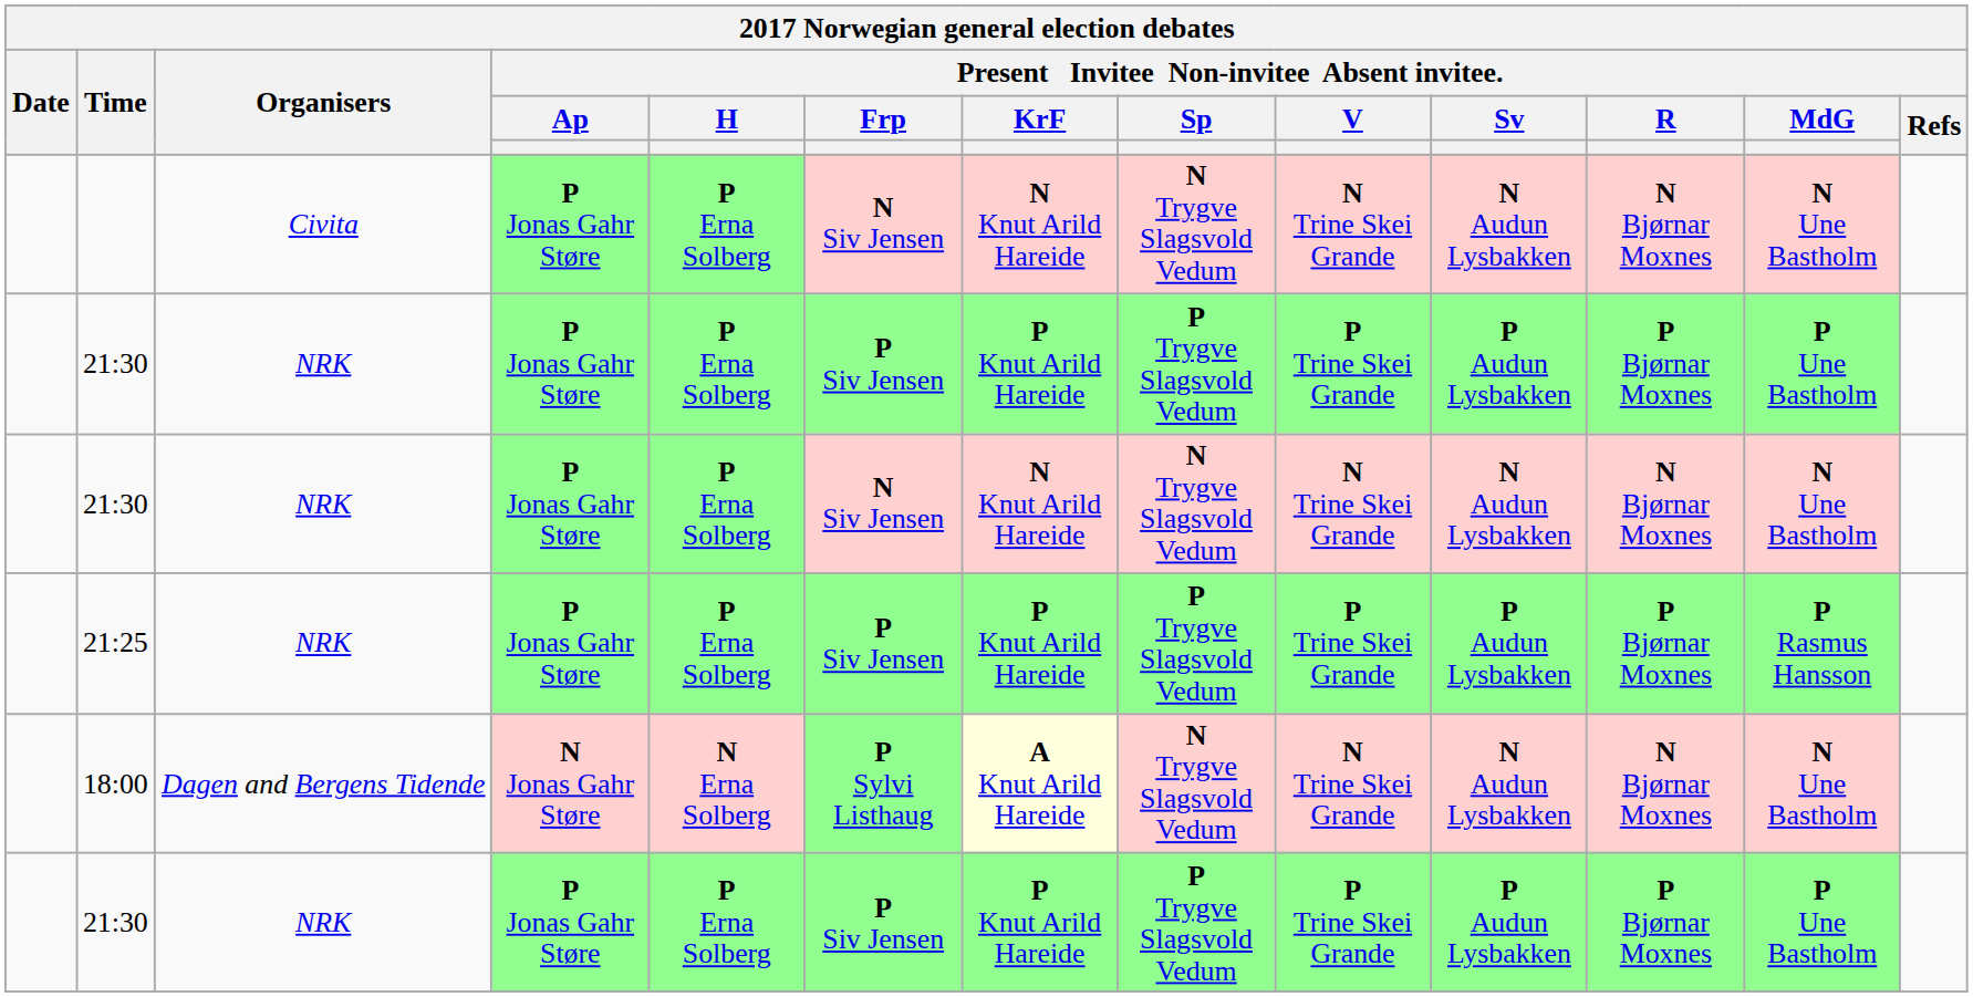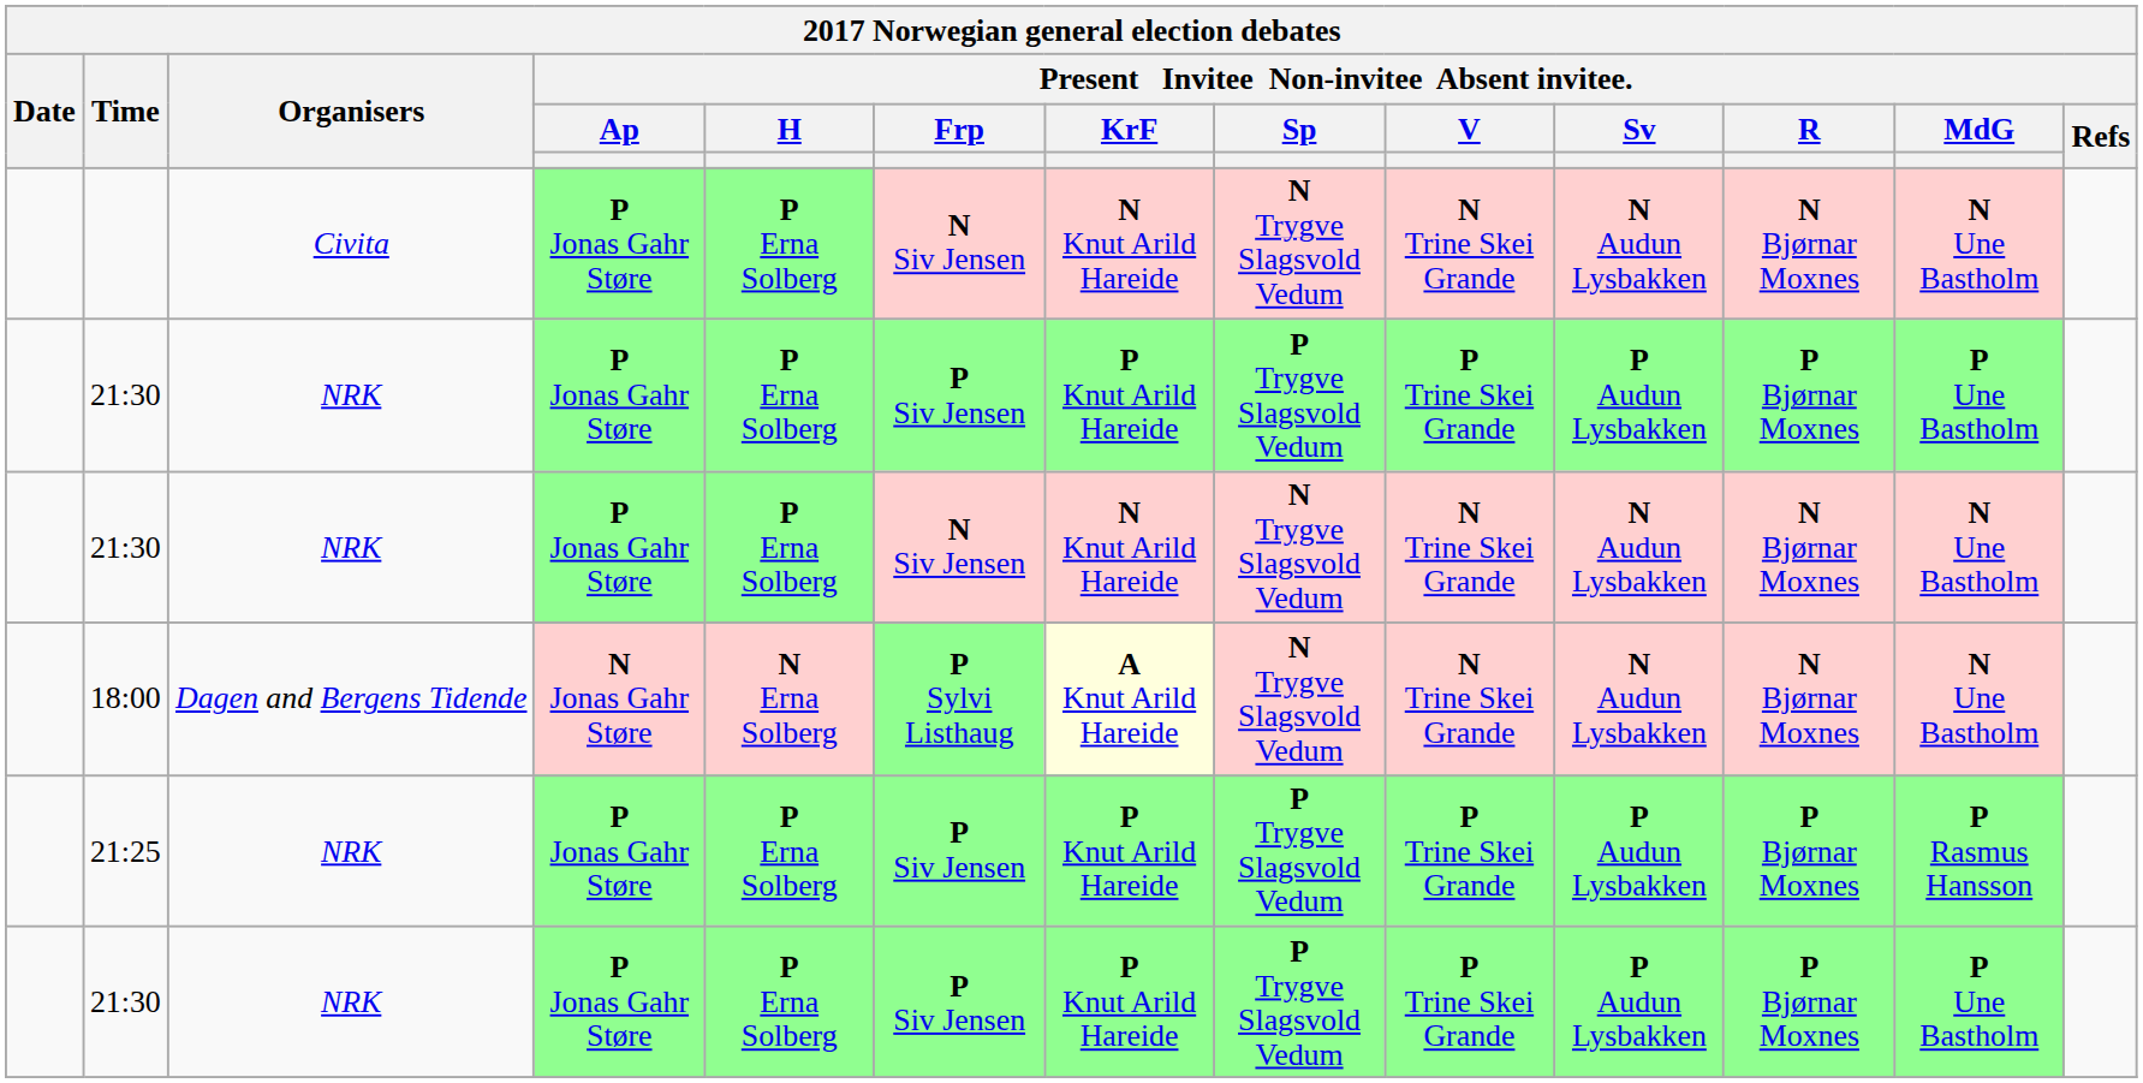 <table class="wikitable" style="font-size:85%; line-height:15px; text-align:center;">
 <tr>
 <th colspan="13">2017 Norwegian general election debates</th>
 </tr>
 <tr>
 <th rowspan="3">Date</th>
 <th rowspan="3">Time</th>
 <th rowspan="3">Organisers</th>
 <th colspan="10"> Present    Invitee  Non-invitee   Absent invitee.</th>
 </tr>
 <tr>
 <th scope="col" style="width:5em;"><a href='#'>Ap</a></th>
 <th scope="col" style="width:5em;"><a href='#'>H</a></th>
 <th scope="col" style="width:5em;"><a href='#'>Frp</a></th>
 <th scope="col" style="width:5em;"><a href='#'>KrF</a></th>
 <th scope="col" style="width:5em;"><a href='#'>Sp</a></th>
 <th scope="col" style="width:5em;"><a href='#'>V</a></th>
 <th scope="col" style="width:5em;"><a href='#'>Sv</a></th>
 <th scope="col" style="width:5em;"><a href='#'>R</a></th>
 <th scope="col" style="width:5em;"><a href='#'>MdG</a></th>
 <th rowspan="2">Refs</th>
 </tr>
 <tr>
 <th style="background:"></th>
 <th style="background:"></th>
 <th style="background:"></th>
 <th style="background:"></th>
 <th style="background:"></th>
 <th style="background:"></th>
 <th style="background:"></th>
 <th style="background:"></th>
 <th style="background:"></th>
 </tr>
 <tr>
 <td></td>
 <td></td>
 <td><em><a href='#'>Civita</a></em></td>
 <td style="background:#90FF90"><strong>P</strong><br><a href='#'>Jonas Gahr Støre</a></td>
 <td style="background:#90FF90"><strong>P</strong><br><a href='#'>Erna Solberg</a></td>
 <td style="background:#FFD0D0"><strong>N</strong><br><a href='#'>Siv Jensen</a></td>
 <td style="background:#FFD0D0"><strong>N</strong><br><a href='#'>Knut Arild Hareide</a></td>
 <td style="background:#FFD0D0"><strong>N</strong><br><a href='#'>Trygve Slagsvold Vedum</a></td>
 <td style="background:#FFD0D0"><strong>N</strong><br><a href='#'>Trine Skei Grande</a></td>
 <td style="background:#FFD0D0"><strong>N</strong><br><a href='#'>Audun Lysbakken</a></td>
 <td style="background:#FFD0D0"><strong>N</strong><br><a href='#'>Bjørnar Moxnes</a></td>
 <td style="background:#FFD0D0"><strong>N</strong><br><a href='#'>Une Bastholm</a></td>
 <td></td>
 </tr>
 <tr>
 <td></td>
 <td>21:30</td>
 <td><em><a href='#'>NRK</a></em></td>
 <td style="background:#90FF90"><strong>P</strong><br><a href='#'>Jonas Gahr Støre</a></td>
 <td style="background:#90FF90"><strong>P</strong><br><a href='#'>Erna Solberg</a></td>
 <td style="background:#90FF90"><strong>P</strong><br><a href='#'>Siv Jensen</a></td>
 <td style="background:#90FF90"><strong>P</strong><br><a href='#'>Knut Arild Hareide</a></td>
 <td style="background:#90FF90"><strong>P</strong><br><a href='#'>Trygve Slagsvold Vedum</a></td>
 <td style="background:#90FF90"><strong>P</strong><br><a href='#'>Trine Skei Grande</a></td>
 <td style="background:#90FF90"><strong>P</strong><br><a href='#'>Audun Lysbakken</a></td>
 <td style="background:#90FF90"><strong>P</strong><br><a href='#'>Bjørnar Moxnes</a></td>
 <td style="background:#90FF90"><strong>P</strong><br><a href='#'>Une Bastholm</a></td>
 <td></td>
 </tr>
 <tr>
 <td></td>
 <td>21:30</td>
 <td><em><a href='#'>NRK</a></em></td>
 <td style="background:#90FF90"><strong>P</strong><br><a href='#'>Jonas Gahr Støre</a></td>
 <td style="background:#90FF90"><strong>P</strong><br><a href='#'>Erna Solberg</a></td>
 <td style="background:#FFD0D0"><strong>N</strong><br><a href='#'>Siv Jensen</a></td>
 <td style="background:#FFD0D0"><strong>N</strong><br><a href='#'>Knut Arild Hareide</a></td>
 <td style="background:#FFD0D0"><strong>N</strong><br><a href='#'>Trygve Slagsvold Vedum</a></td>
 <td style="background:#FFD0D0"><strong>N</strong><br><a href='#'>Trine Skei Grande</a></td>
 <td style="background:#FFD0D0"><strong>N</strong><br><a href='#'>Audun Lysbakken</a></td>
 <td style="background:#FFD0D0"><strong>N</strong><br><a href='#'>Bjørnar Moxnes</a></td>
 <td style="background:#FFD0D0"><strong>N</strong><br><a href='#'>Une Bastholm</a></td>
 <td></td>
 </tr>
 <tr>
 <td></td>
+<td>18:00</td>
+<td><em><a href='#'>Dagen</a> and <a href='#'>Bergens Tidende</a></em></td>
+<td style="background:#FFD0D0"><strong>N</strong><br><a href='#'>Jonas Gahr Støre</a></td>
+<td style="background:#FFD0D0"><strong>N</strong><br><a href='#'>Erna Solberg</a></td>
+<td style="background:#90FF90"><strong>P</strong><br><a href='#'>Sylvi Listhaug</a></td>
+<td style="background:#ffffdd"><strong>A</strong><br><a href='#'>Knut Arild Hareide</a></td>
+<td style="background:#FFD0D0"><strong>N</strong><br><a href='#'>Trygve Slagsvold Vedum</a></td>
+<td style="background:#FFD0D0"><strong>N</strong><br><a href='#'>Trine Skei Grande</a></td>
+<td style="background:#FFD0D0"><strong>N</strong><br><a href='#'>Audun Lysbakken</a></td>
+<td style="background:#FFD0D0"><strong>N</strong><br><a href='#'>Bjørnar Moxnes</a></td>
+<td style="background:#FFD0D0"><strong>N</strong><br><a href='#'>Une Bastholm</a></td>
+<td></td>
+</tr>
+<tr>
+<td></td>
 <td>21:25</td>
 <td><em><a href='#'>NRK</a></em></td>
 <td style="background:#90FF90"><strong>P</strong><br><a href='#'>Jonas Gahr Støre</a></td>
 <td style="background:#90FF90"><strong>P</strong><br><a href='#'>Erna Solberg</a></td>
 <td style="background:#90FF90"><strong>P</strong><br><a href='#'>Siv Jensen</a></td>
 <td style="background:#90FF90"><strong>P</strong><br><a href='#'>Knut Arild Hareide</a></td>
 <td style="background:#90FF90"><strong>P</strong><br><a href='#'>Trygve Slagsvold Vedum</a></td>
 <td style="background:#90FF90"><strong>P</strong><br><a href='#'>Trine Skei Grande</a></td>
 <td style="background:#90FF90"><strong>P</strong><br><a href='#'>Audun Lysbakken</a></td>
 <td style="background:#90FF90"><strong>P</strong><br><a href='#'>Bjørnar Moxnes</a></td>
 <td style="background:#90FF90"><strong>P</strong><br><a href='#'>Rasmus Hansson</a></td>
-<td></td>
-</tr>
-<tr>
-<td></td>
-<td>18:00</td>
-<td><em><a href='#'>Dagen</a> and <a href='#'>Bergens Tidende</a></em></td>
-<td style="background:#FFD0D0"><strong>N</strong><br><a href='#'>Jonas Gahr Støre</a></td>
-<td style="background:#FFD0D0"><strong>N</strong><br><a href='#'>Erna Solberg</a></td>
-<td style="background:#90FF90"><strong>P</strong><br><a href='#'>Sylvi Listhaug</a></td>
-<td style="background:#ffffdd"><strong>A</strong><br><a href='#'>Knut Arild Hareide</a></td>
-<td style="background:#FFD0D0"><strong>N</strong><br><a href='#'>Trygve Slagsvold Vedum</a></td>
-<td style="background:#FFD0D0"><strong>N</strong><br><a href='#'>Trine Skei Grande</a></td>
-<td style="background:#FFD0D0"><strong>N</strong><br><a href='#'>Audun Lysbakken</a></td>
-<td style="background:#FFD0D0"><strong>N</strong><br><a href='#'>Bjørnar Moxnes</a></td>
-<td style="background:#FFD0D0"><strong>N</strong><br><a href='#'>Une Bastholm</a></td>
 <td></td>
 </tr>
 <tr>
 <td></td>
 <td>21:30</td>
 <td><em><a href='#'>NRK</a></em></td>
 <td style="background:#90FF90"><strong>P</strong><br><a href='#'>Jonas Gahr Støre</a></td>
 <td style="background:#90FF90"><strong>P</strong><br><a href='#'>Erna Solberg</a></td>
 <td style="background:#90FF90"><strong>P</strong><br><a href='#'>Siv Jensen</a></td>
 <td style="background:#90FF90"><strong>P</strong><br><a href='#'>Knut Arild Hareide</a></td>
 <td style="background:#90FF90"><strong>P</strong><br><a href='#'>Trygve Slagsvold Vedum</a></td>
 <td style="background:#90FF90"><strong>P</strong><br><a href='#'>Trine Skei Grande</a></td>
 <td style="background:#90FF90"><strong>P</strong><br><a href='#'>Audun Lysbakken</a></td>
 <td style="background:#90FF90"><strong>P</strong><br><a href='#'>Bjørnar Moxnes</a></td>
 <td style="background:#90FF90"><strong>P</strong><br><a href='#'>Une Bastholm</a></td>
 <td></td>
 </tr>
 </table>
